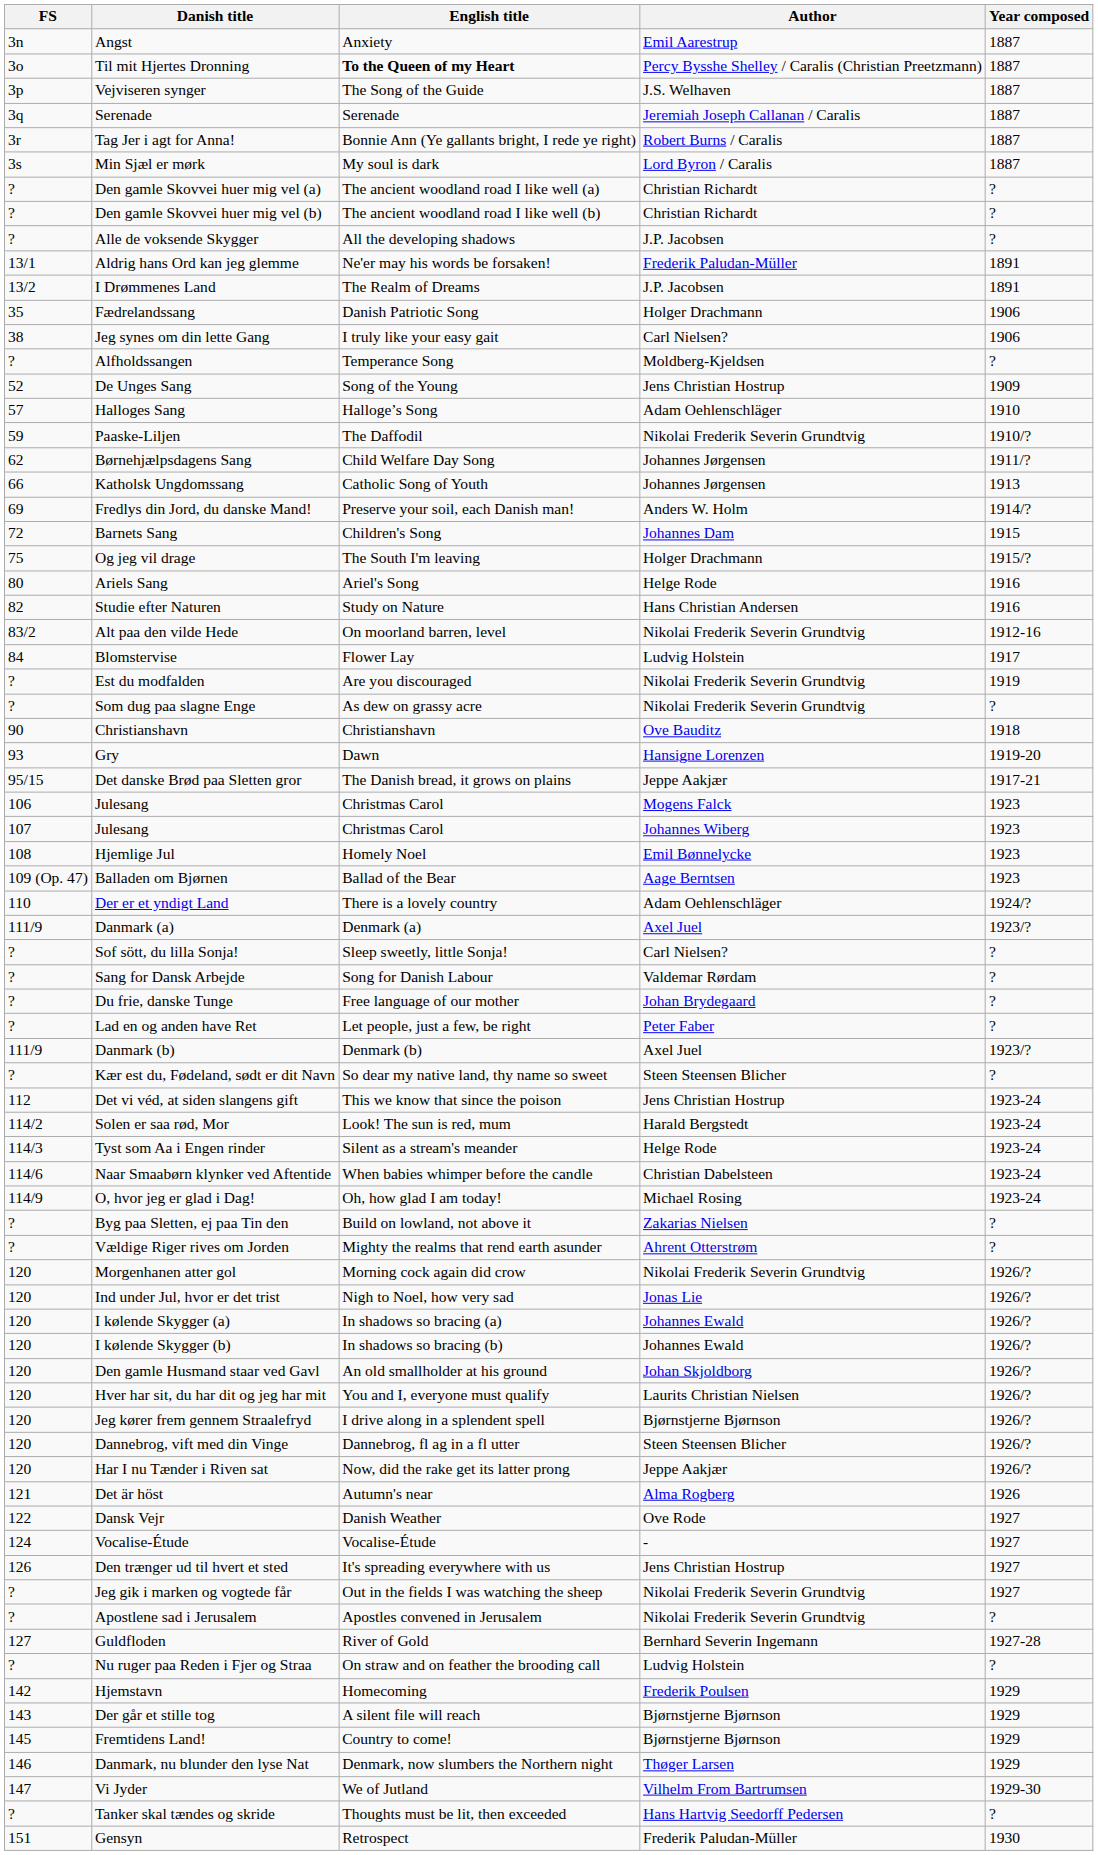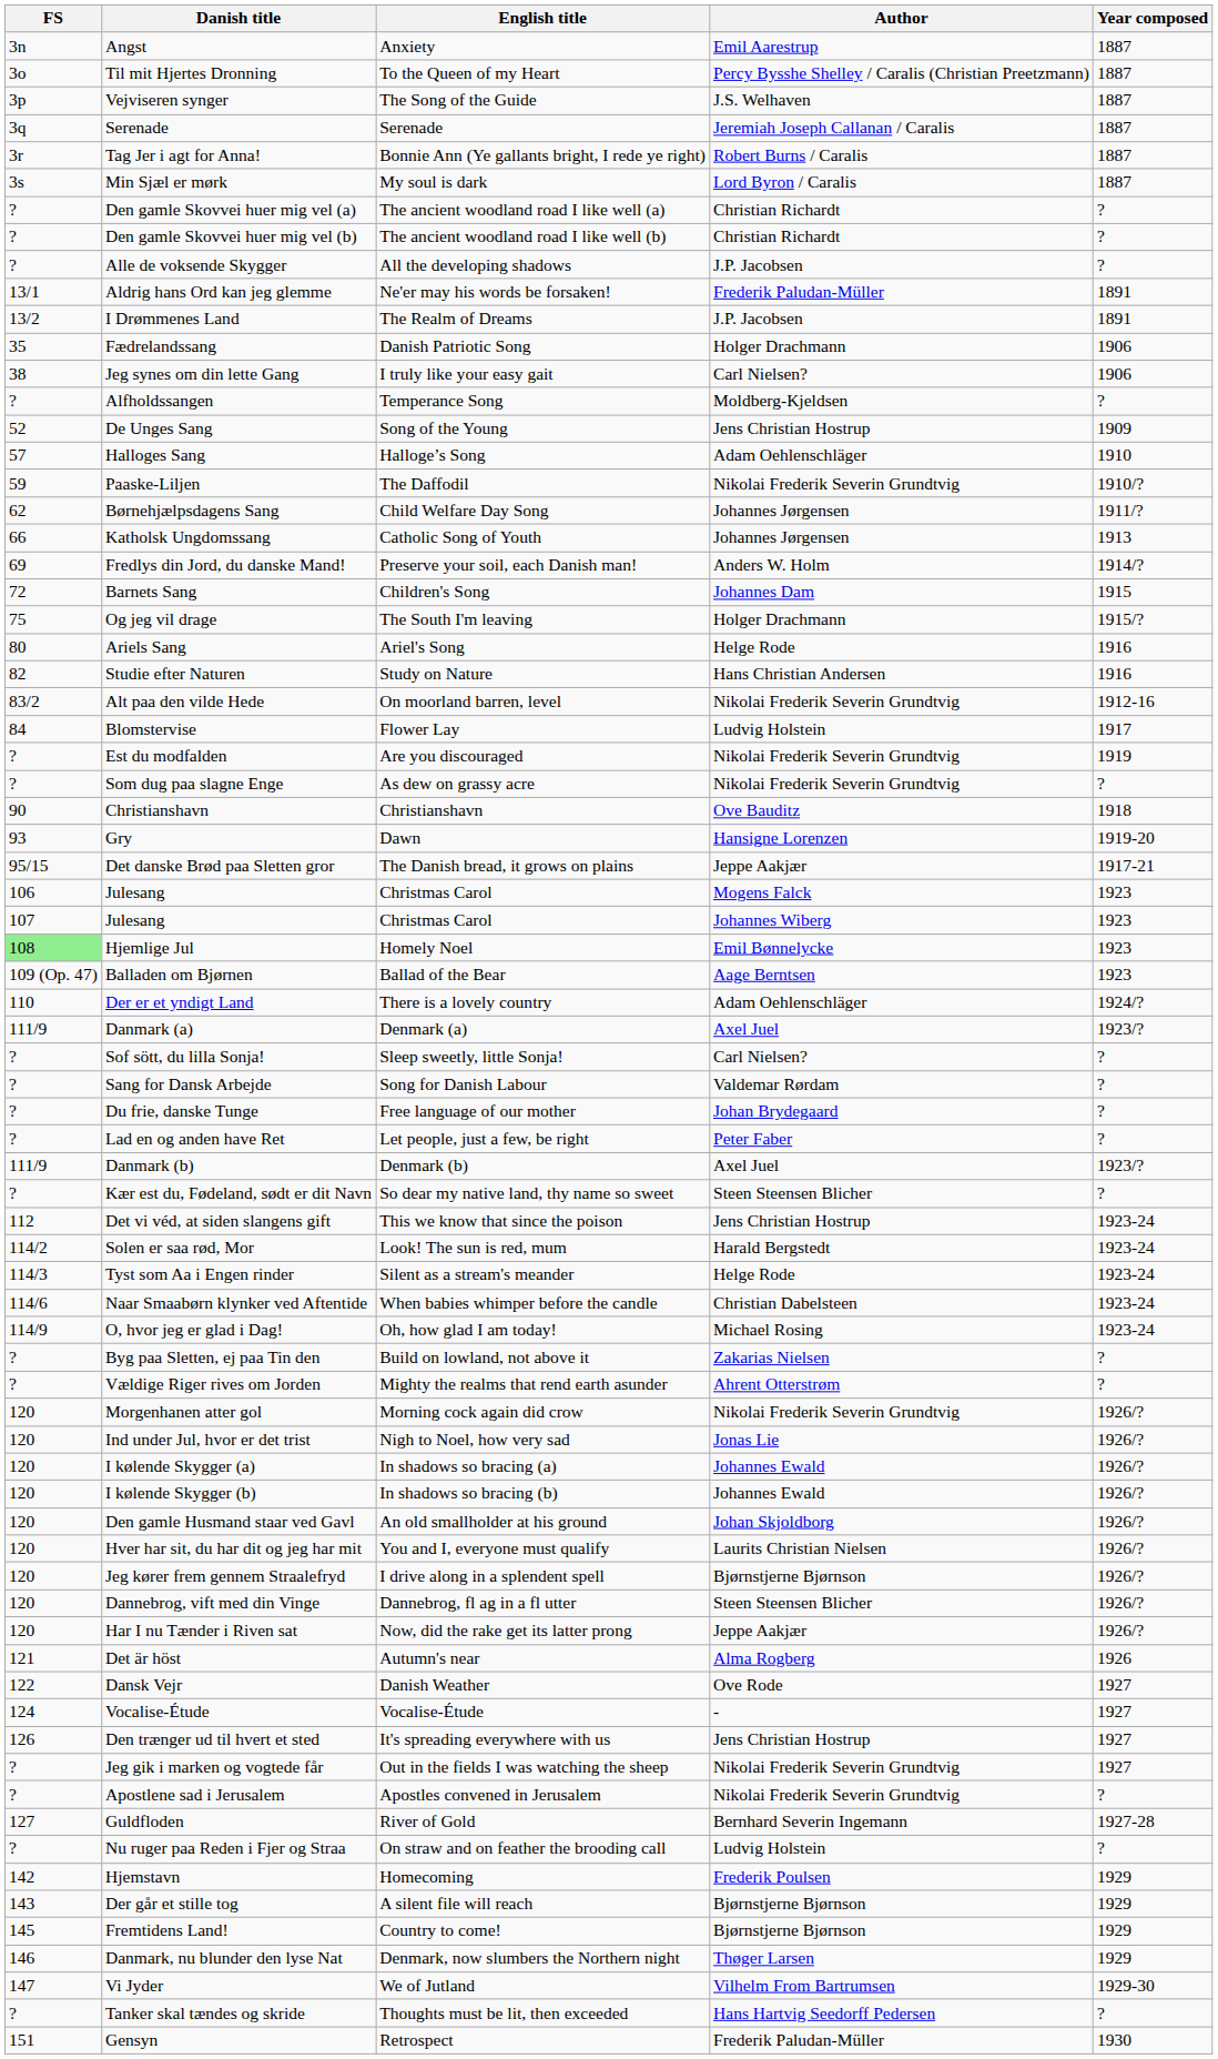 <table class="wikitable center">
 <tr>
 <th>FS</th>
 <th>Danish title</th>
 <th>English title</th>
 <th>Author</th>
 <th>Year composed</th>
 </tr>
 <tr>
 <td>3n</td>
 <td>Angst</td>
 <td>Anxiety</td>
 <td><a href='#'>Emil Aarestrup</a></td>
 <td>1887</td>
 </tr>
 <tr>
 <td>3o</td>
 <td>Til mit Hjertes Dronning</td>
-<td><strong>To the Queen of my Heart</strong></td>
+<td>To the Queen of my Heart</td>
 <td><a href='#'>Percy Bysshe Shelley</a> / Caralis (Christian Preetzmann)</td>
 <td>1887</td>
 </tr>
 <tr>
 <td>3p</td>
 <td>Vejviseren synger</td>
 <td>The Song of the Guide</td>
 <td>J.S. Welhaven</td>
 <td>1887</td>
 </tr>
 <tr>
 <td>3q</td>
 <td>Serenade</td>
 <td>Serenade</td>
 <td><a href='#'>Jeremiah Joseph Callanan</a> / Caralis</td>
 <td>1887</td>
 </tr>
 <tr>
 <td>3r</td>
 <td>Tag Jer i agt for Anna!</td>
 <td>Bonnie Ann (Ye gallants bright, I rede ye right)</td>
 <td><a href='#'>Robert Burns</a> / Caralis</td>
 <td>1887</td>
 </tr>
 <tr>
 <td>3s</td>
 <td>Min Sjæl er mørk</td>
 <td>My soul is dark</td>
 <td><a href='#'>Lord Byron</a> / Caralis</td>
 <td>1887</td>
 </tr>
 <tr>
 <td>?</td>
 <td>Den gamle Skovvei huer mig vel (a)</td>
 <td>The ancient woodland road I like well (a)</td>
 <td>Christian Richardt</td>
 <td>?</td>
 </tr>
 <tr>
 <td>?</td>
 <td>Den gamle Skovvei huer mig vel (b)</td>
 <td>The ancient woodland road I like well (b)</td>
 <td>Christian Richardt</td>
 <td>?</td>
 </tr>
 <tr>
 <td>?</td>
 <td>Alle de voksende Skygger</td>
 <td>All the developing shadows</td>
 <td>J.P. Jacobsen</td>
 <td>?</td>
 </tr>
 <tr>
 <td>13/1</td>
 <td>Aldrig hans Ord kan jeg glemme</td>
 <td>Ne'er may his words be forsaken!</td>
 <td><a href='#'>Frederik Paludan-Müller</a></td>
 <td>1891</td>
 </tr>
 <tr>
 <td>13/2</td>
 <td>I Drømmenes Land</td>
 <td>The Realm of Dreams</td>
 <td>J.P. Jacobsen</td>
 <td>1891</td>
 </tr>
 <tr>
 <td>35</td>
 <td>Fædrelandssang</td>
 <td>Danish Patriotic Song</td>
 <td>Holger Drachmann</td>
 <td>1906</td>
 </tr>
 <tr>
 <td>38</td>
 <td>Jeg synes om din lette Gang</td>
 <td>I truly like your easy gait</td>
 <td>Carl Nielsen?</td>
 <td>1906</td>
 </tr>
 <tr>
 <td>?</td>
 <td>Alfholdssangen</td>
 <td>Temperance Song</td>
 <td>Moldberg-Kjeldsen</td>
 <td>?</td>
 </tr>
 <tr>
 <td>52</td>
 <td>De Unges Sang</td>
 <td>Song of the Young</td>
 <td>Jens Christian Hostrup</td>
 <td>1909</td>
 </tr>
 <tr>
 <td>57</td>
 <td>Halloges Sang</td>
 <td>Halloge’s Song</td>
 <td>Adam Oehlenschläger</td>
 <td>1910</td>
 </tr>
 <tr>
 <td>59</td>
 <td>Paaske-Liljen</td>
 <td>The Daffodil</td>
 <td>Nikolai Frederik Severin Grundtvig</td>
 <td>1910/?</td>
 </tr>
 <tr>
 <td>62</td>
 <td>Børnehjælpsdagens Sang</td>
 <td>Child Welfare Day Song</td>
 <td>Johannes Jørgensen</td>
 <td>1911/?</td>
 </tr>
 <tr>
 <td>66</td>
 <td>Katholsk Ungdomssang</td>
 <td>Catholic Song of Youth</td>
 <td>Johannes Jørgensen</td>
 <td>1913</td>
 </tr>
 <tr>
 <td>69</td>
 <td>Fredlys din Jord, du danske Mand!</td>
 <td>Preserve your soil, each Danish man!</td>
 <td>Anders W. Holm</td>
 <td>1914/?</td>
 </tr>
 <tr>
 <td>72</td>
 <td>Barnets Sang</td>
 <td>Children's Song</td>
 <td><a href='#'>Johannes Dam</a></td>
 <td>1915</td>
 </tr>
 <tr>
 <td>75</td>
 <td>Og jeg vil drage</td>
 <td>The South I'm leaving</td>
 <td>Holger Drachmann</td>
 <td>1915/?</td>
 </tr>
 <tr>
 <td>80</td>
 <td>Ariels Sang</td>
 <td>Ariel's Song</td>
 <td>Helge Rode</td>
 <td>1916</td>
 </tr>
 <tr>
 <td>82</td>
 <td>Studie efter Naturen</td>
 <td>Study on Nature</td>
 <td>Hans Christian Andersen</td>
 <td>1916</td>
 </tr>
 <tr>
 <td>83/2</td>
 <td>Alt paa den vilde Hede</td>
 <td>On moorland barren, level</td>
 <td>Nikolai Frederik Severin Grundtvig</td>
 <td>1912-16</td>
 </tr>
 <tr>
 <td>84</td>
 <td>Blomstervise</td>
 <td>Flower Lay</td>
 <td>Ludvig Holstein</td>
 <td>1917</td>
 </tr>
 <tr>
 <td>?</td>
 <td>Est du modfalden</td>
 <td>Are you discouraged</td>
 <td>Nikolai Frederik Severin Grundtvig</td>
 <td>1919</td>
 </tr>
 <tr>
 <td>?</td>
 <td>Som dug paa slagne Enge</td>
 <td>As dew on grassy acre</td>
 <td>Nikolai Frederik Severin Grundtvig</td>
 <td>?</td>
 </tr>
 <tr>
 <td>90</td>
 <td>Christianshavn</td>
 <td>Christianshavn</td>
 <td><a href='#'>Ove Bauditz</a></td>
 <td>1918</td>
 </tr>
 <tr>
 <td>93</td>
 <td>Gry</td>
 <td>Dawn</td>
 <td><a href='#'>Hansigne Lorenzen</a></td>
 <td>1919-20</td>
 </tr>
 <tr>
 <td>95/15</td>
 <td>Det danske Brød paa Sletten gror</td>
 <td>The Danish bread, it grows on plains</td>
 <td>Jeppe Aakjær</td>
 <td>1917-21</td>
 </tr>
 <tr>
 <td>106</td>
 <td>Julesang</td>
 <td>Christmas Carol</td>
 <td><a href='#'>Mogens Falck</a></td>
 <td>1923</td>
 </tr>
 <tr>
 <td>107</td>
 <td>Julesang</td>
 <td>Christmas Carol</td>
 <td><a href='#'>Johannes Wiberg</a></td>
 <td>1923</td>
 </tr>
 <tr>
-<td>108</td>
+<td style="background: lightgreen;">108</td>
 <td>Hjemlige Jul</td>
 <td>Homely Noel</td>
 <td><a href='#'>Emil Bønnelycke</a></td>
 <td>1923</td>
 </tr>
 <tr>
 <td>109 (Op. 47)</td>
 <td>Balladen om Bjørnen</td>
 <td>Ballad of the Bear</td>
 <td><a href='#'>Aage Berntsen</a></td>
 <td>1923</td>
 </tr>
 <tr>
 <td>110</td>
 <td><a href='#'>Der er et yndigt Land</a></td>
 <td>There is a lovely country</td>
 <td>Adam Oehlenschläger</td>
 <td>1924/?</td>
 </tr>
 <tr>
 <td>111/9</td>
 <td>Danmark (a)</td>
 <td>Denmark (a)</td>
 <td><a href='#'>Axel Juel</a></td>
 <td>1923/?</td>
 </tr>
 <tr>
 <td>?</td>
 <td>Sof sött, du lilla Sonja!</td>
 <td>Sleep sweetly, little Sonja!</td>
 <td>Carl Nielsen?</td>
 <td>?</td>
 </tr>
 <tr>
 <td>?</td>
 <td>Sang for Dansk Arbejde</td>
 <td>Song for Danish Labour</td>
 <td>Valdemar Rørdam</td>
 <td>?</td>
 </tr>
 <tr>
 <td>?</td>
 <td>Du frie, danske Tunge</td>
 <td>Free language of our mother</td>
 <td><a href='#'>Johan Brydegaard</a></td>
 <td>?</td>
 </tr>
 <tr>
 <td>?</td>
 <td>Lad en og anden have Ret</td>
 <td>Let people, just a few, be right</td>
 <td><a href='#'>Peter Faber</a></td>
 <td>?</td>
 </tr>
 <tr>
 <td>111/9</td>
 <td>Danmark (b)</td>
 <td>Denmark (b)</td>
 <td>Axel Juel</td>
 <td>1923/?</td>
 </tr>
 <tr>
 <td>?</td>
 <td>Kær est du, Fødeland, sødt er dit Navn</td>
 <td>So dear my native land, thy name so sweet</td>
 <td>Steen Steensen Blicher</td>
 <td>?</td>
 </tr>
 <tr>
 <td>112</td>
 <td>Det vi véd, at siden slangens gift</td>
 <td>This we know that since the poison</td>
 <td>Jens Christian Hostrup</td>
 <td>1923-24</td>
 </tr>
 <tr>
 <td>114/2</td>
 <td>Solen er saa rød, Mor</td>
 <td>Look! The sun is red, mum</td>
 <td>Harald Bergstedt</td>
 <td>1923-24</td>
 </tr>
 <tr>
 <td>114/3</td>
 <td>Tyst som Aa i Engen rinder</td>
 <td>Silent as a stream's meander</td>
 <td>Helge Rode</td>
 <td>1923-24</td>
 </tr>
 <tr>
 <td>114/6</td>
 <td>Naar Smaabørn klynker ved Aftentide</td>
 <td>When babies whimper before the candle</td>
 <td>Christian Dabelsteen</td>
 <td>1923-24</td>
 </tr>
 <tr>
 <td>114/9</td>
 <td>O, hvor jeg er glad i Dag!</td>
 <td>Oh, how glad I am today!</td>
 <td>Michael Rosing</td>
 <td>1923-24</td>
 </tr>
 <tr>
 <td>?</td>
 <td>Byg paa Sletten, ej paa Tin den</td>
 <td>Build on lowland, not above it</td>
 <td><a href='#'>Zakarias Nielsen</a></td>
 <td>?</td>
 </tr>
 <tr>
 <td>?</td>
 <td>Vældige Riger rives om Jorden</td>
 <td>Mighty the realms that rend earth asunder</td>
 <td><a href='#'>Ahrent Otterstrøm</a></td>
 <td>?</td>
 </tr>
 <tr>
 <td>120</td>
 <td>Morgenhanen atter gol</td>
 <td>Morning cock again did crow</td>
 <td>Nikolai Frederik Severin Grundtvig</td>
 <td>1926/?</td>
 </tr>
 <tr>
 <td>120</td>
 <td>Ind under Jul, hvor er det trist</td>
 <td>Nigh to Noel, how very sad</td>
 <td><a href='#'>Jonas Lie</a></td>
 <td>1926/?</td>
 </tr>
 <tr>
 <td>120</td>
 <td>I kølende Skygger (a)</td>
 <td>In shadows so bracing (a)</td>
 <td><a href='#'>Johannes Ewald</a></td>
 <td>1926/?</td>
 </tr>
 <tr>
 <td>120</td>
 <td>I kølende Skygger (b)</td>
 <td>In shadows so bracing (b)</td>
 <td>Johannes Ewald</td>
 <td>1926/?</td>
 </tr>
 <tr>
 <td>120</td>
 <td>Den gamle Husmand staar ved Gavl</td>
 <td>An old smallholder at his ground</td>
 <td><a href='#'>Johan Skjoldborg</a></td>
 <td>1926/?</td>
 </tr>
 <tr>
 <td>120</td>
 <td>Hver har sit, du har dit og jeg har mit</td>
 <td>You and I, everyone must qualify</td>
 <td>Laurits Christian Nielsen</td>
 <td>1926/?</td>
 </tr>
 <tr>
 <td>120</td>
 <td>Jeg kører frem gennem Straalefryd</td>
 <td>I drive along in a splendent spell</td>
 <td>Bjørnstjerne Bjørnson</td>
 <td>1926/?</td>
 </tr>
 <tr>
 <td>120</td>
 <td>Dannebrog, vift med din Vinge</td>
 <td>Dannebrog, fl ag in a fl utter</td>
 <td>Steen Steensen Blicher</td>
 <td>1926/?</td>
 </tr>
 <tr>
 <td>120</td>
 <td>Har I nu Tænder i Riven sat</td>
 <td>Now, did the rake get its latter prong</td>
 <td>Jeppe Aakjær</td>
 <td>1926/?</td>
 </tr>
 <tr>
 <td>121</td>
 <td>Det är höst</td>
 <td>Autumn's near</td>
 <td><a href='#'>Alma Rogberg</a></td>
 <td>1926</td>
 </tr>
 <tr>
 <td>122</td>
 <td>Dansk Vejr</td>
 <td>Danish Weather</td>
 <td>Ove Rode</td>
 <td>1927</td>
 </tr>
 <tr>
 <td>124</td>
 <td>Vocalise-Étude</td>
 <td>Vocalise-Étude</td>
 <td>-</td>
 <td>1927</td>
 </tr>
 <tr>
 <td>126</td>
 <td>Den trænger ud til hvert et sted</td>
 <td>It's spreading everywhere with us</td>
 <td>Jens Christian Hostrup</td>
 <td>1927</td>
 </tr>
 <tr>
 <td>?</td>
 <td>Jeg gik i marken og vogtede får</td>
 <td>Out in the fields I was watching the sheep</td>
 <td>Nikolai Frederik Severin Grundtvig</td>
 <td>1927</td>
 </tr>
 <tr>
 <td>?</td>
 <td>Apostlene sad i Jerusalem</td>
 <td>Apostles convened in Jerusalem</td>
 <td>Nikolai Frederik Severin Grundtvig</td>
 <td>?</td>
 </tr>
 <tr>
 <td>127</td>
 <td>Guldfloden</td>
 <td>River of Gold</td>
 <td>Bernhard Severin Ingemann</td>
 <td>1927-28</td>
 </tr>
 <tr>
 <td>?</td>
 <td>Nu ruger paa Reden i Fjer og Straa</td>
 <td>On straw and on feather the brooding call</td>
 <td>Ludvig Holstein</td>
 <td>?</td>
 </tr>
 <tr>
 <td>142</td>
 <td>Hjemstavn</td>
 <td>Homecoming</td>
 <td><a href='#'>Frederik Poulsen</a></td>
 <td>1929</td>
 </tr>
 <tr>
 <td>143</td>
 <td>Der går et stille tog</td>
 <td>A silent file will reach</td>
 <td>Bjørnstjerne Bjørnson</td>
 <td>1929</td>
 </tr>
 <tr>
 <td>145</td>
 <td>Fremtidens Land!</td>
 <td>Country to come!</td>
 <td>Bjørnstjerne Bjørnson</td>
 <td>1929</td>
 </tr>
 <tr>
 <td>146</td>
 <td>Danmark, nu blunder den lyse Nat</td>
 <td>Denmark, now slumbers the Northern night</td>
 <td><a href='#'>Thøger Larsen</a></td>
 <td>1929</td>
 </tr>
 <tr>
 <td>147</td>
 <td>Vi Jyder</td>
 <td>We of Jutland</td>
 <td><a href='#'>Vilhelm From Bartrumsen</a></td>
 <td>1929-30</td>
 </tr>
 <tr>
 <td>?</td>
 <td>Tanker skal tændes og skride</td>
 <td>Thoughts must be lit, then exceeded</td>
 <td><a href='#'>Hans Hartvig Seedorff Pedersen</a></td>
 <td>?</td>
 </tr>
 <tr>
 <td>151</td>
 <td>Gensyn</td>
 <td>Retrospect</td>
 <td>Frederik Paludan-Müller</td>
 <td>1930</td>
 </tr>
 </table>
